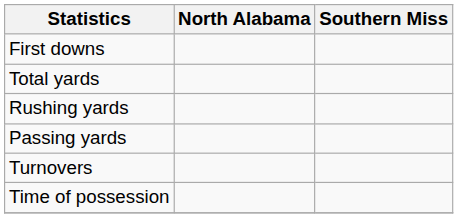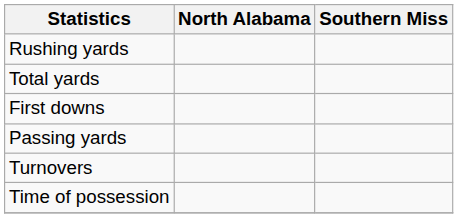 <table class="wikitable">
 <tr>
 <th>Statistics</th>
 <th>North Alabama</th>
 <th>Southern Miss</th>
 </tr>
 <tr>
-<td>First downs</td>
+<td>Rushing yards</td>
 <td> </td>
 <td> </td>
 </tr>
 <tr>
 <td>Total yards</td>
 <td> </td>
 <td> </td>
 </tr>
 <tr>
-<td>Rushing yards</td>
+<td>First downs</td>
 <td> </td>
 <td> </td>
 </tr>
 <tr>
 <td>Passing yards</td>
 <td> </td>
 <td> </td>
 </tr>
 <tr>
 <td>Turnovers</td>
 <td> </td>
 <td> </td>
 </tr>
 <tr>
 <td>Time of possession</td>
 <td> </td>
 <td> </td>
 </tr>
 <tr>
 </tr>
 </table>
